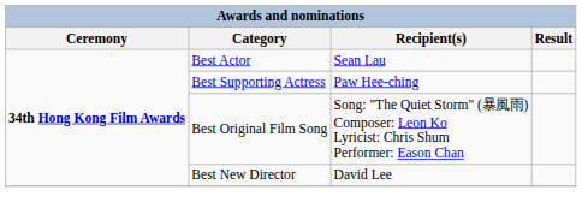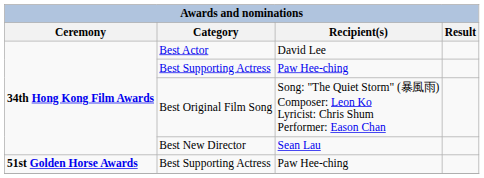 <table class="wikitable sortable">
 <tr>
 <th colspan="4" style="background: LightSteelBlue;">Awards and nominations</th>
 </tr>
 <tr>
 <th>Ceremony</th>
 <th>Category</th>
 <th>Recipient(s)</th>
 <th>Result</th>
 </tr>
 <tr>
 <td rowspan=4><strong>34th <a href='#'>Hong Kong Film Awards</a></strong></td>
 <td><a href='#'>Best Actor</a></td>
-<td><a href='#'>Sean Lau</a></td>
+<td>David Lee</td>
 <td></td>
 </tr>
 <tr>
 <td><a href='#'>Best Supporting Actress</a></td>
 <td><a href='#'>Paw Hee-ching</a></td>
 <td></td>
 </tr>
 <tr>
 <td>Best Original Film Song</td>
 <td>Song: "The Quiet Storm" (暴風雨)<br>Composer: <a href='#'>Leon Ko</a> <br>Lyricist: Chris Shum <br>Performer: <a href='#'>Eason Chan</a></td>
 <td></td>
 </tr>
 <tr>
 <td>Best New Director</td>
-<td>David Lee</td>
+<td><a href='#'>Sean Lau</a></td>
+<td></td>
+</tr>
+<tr>
+<td><strong>51st <a href='#'>Golden Horse Awards</a></strong></td>
+<td>Best Supporting Actress</td>
+<td>Paw Hee-ching</td>
 <td></td>
 </tr>
 <tr>
 </tr>
 </table>
